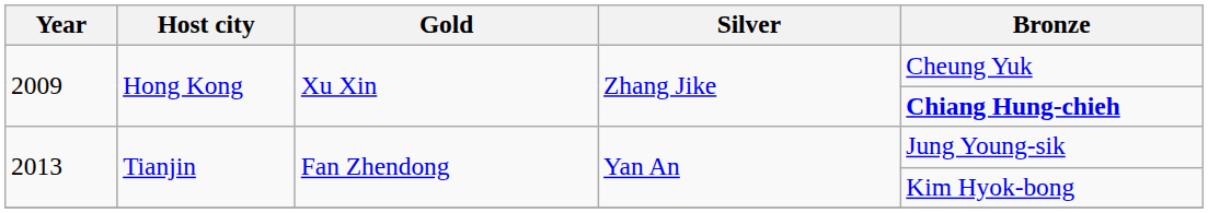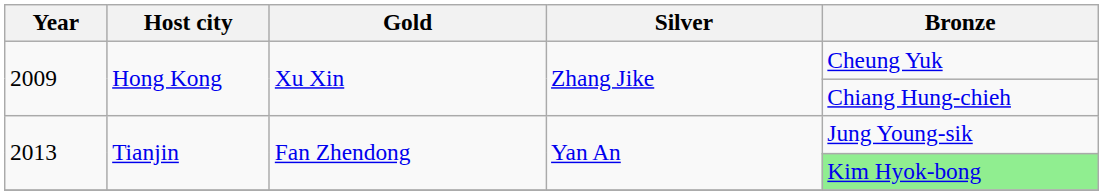 <table class="wikitable" style="text-align: left; width: 750px;">
 <tr>
 <th width="60">Year</th>
 <th width="100">Host city</th>
 <th width="175">Gold</th>
 <th width="175">Silver</th>
 <th width="175">Bronze</th>
 </tr>
 <tr>
 <td rowspan=2>2009</td>
 <td rowspan=2><a href='#'>Hong Kong</a></td>
 <td rowspan=2> <a href='#'>Xu Xin</a></td>
 <td rowspan=2> <a href='#'>Zhang Jike</a></td>
 <td> <a href='#'>Cheung Yuk</a></td>
 </tr>
 <tr>
-<td><strong> <a href='#'>Chiang Hung-chieh</a></strong></td>
+<td> <a href='#'>Chiang Hung-chieh</a></td>
 </tr>
 <tr>
 <td rowspan=2>2013</td>
 <td rowspan=2><a href='#'>Tianjin</a></td>
 <td rowspan=2> <a href='#'>Fan Zhendong</a></td>
 <td rowspan=2> <a href='#'>Yan An</a></td>
 <td> <a href='#'>Jung Young-sik</a></td>
 </tr>
 <tr>
-<td> <a href='#'>Kim Hyok-bong</a></td>
+<td style="background: lightgreen;"> <a href='#'>Kim Hyok-bong</a></td>
 </tr>
 <tr>
 </tr>
 </table>
